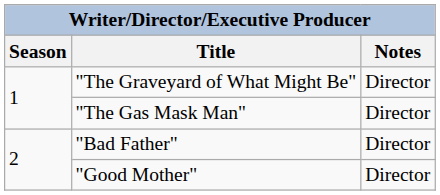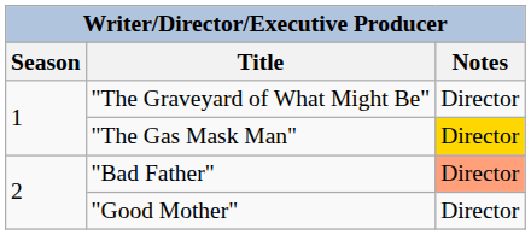 <table class="wikitable" style="font-size: 100%;">
 <tr>
 <th colspan="3" style=" background: LightSteelBlue;">Writer/Director/Executive Producer</th>
 </tr>
 <tr>
 <th>Season</th>
 <th>Title</th>
 <th>Notes</th>
 </tr>
 <tr>
 <td style= align="center" rowspan="2">1</td>
 <td>"The Graveyard of What Might Be"</td>
 <td>Director</td>
 </tr>
 <tr>
 <td>"The Gas Mask Man"</td>
-<td>Director</td>
+<td style="background: gold;">Director</td>
 </tr>
 <tr>
 <td style= align="center" rowspan="2">2</td>
 <td>"Bad Father"</td>
-<td>Director</td>
+<td style="background: lightsalmon;">Director</td>
 </tr>
 <tr>
 <td>"Good Mother"</td>
 <td>Director</td>
 </tr>
 </table>
